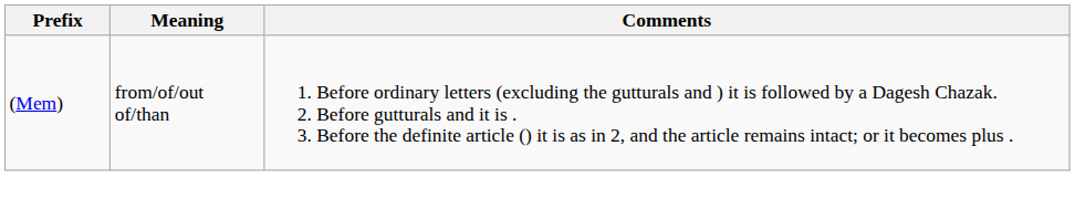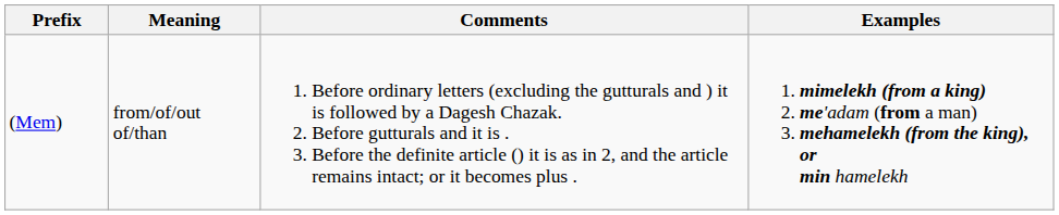 <table class="wikitable" style="width:100%;">
 <tr>
 <th width="80">Prefix</th>
 <th width="120">Meaning</th>
 <th>Comments</th>
+<th width="250">Examples</th>
 </tr>
 <tr style="height:50px">
 <td> (<a href='#'>Mem</a>)</td>
 <td>from/of/out of/than</td>
 <td><br><ol><li>Before ordinary letters (excluding the gutturals and ) it is  followed by a Dagesh Chazak.</li><li>Before gutturals and  it is .</li><li>Before the definite article () it is  as in 2, and the article remains intact; or it becomes  plus .</li></ol></td>
+<td><br><ol><li> <strong><em>mi<strong>melekh<em> (</strong>from<strong> a king)</li><li> </em></strong>me</strong>'adam</em> (<strong>from</strong> a man)</li><li> <strong><em>me<strong>hamelekh<em> (</strong>from<strong> the king), or<br> </em></strong>min</strong> hamelekh</em></li></ol></td>
 </tr>
 </table>
